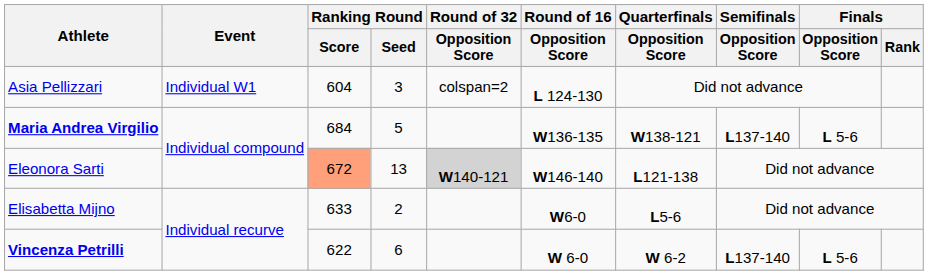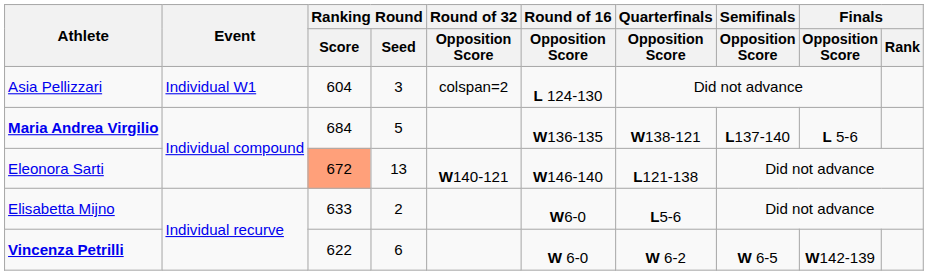 <table class="wikitable" style="text-align: center; font-size:90%">
 <tr>
 <th rowspan="2">Athlete</th>
 <th rowspan="2">Event</th>
 <th colspan="2">Ranking Round</th>
 <th>Round of 32</th>
 <th>Round of 16</th>
 <th>Quarterfinals</th>
 <th>Semifinals</th>
 <th colspan="2">Finals</th>
 </tr>
 <tr style="font-size:95%">
 <th>Score</th>
 <th>Seed</th>
 <th>Opposition<br>Score</th>
 <th>Opposition<br>Score</th>
 <th>Opposition<br>Score</th>
 <th>Opposition<br>Score</th>
 <th>Opposition<br>Score</th>
 <th>Rank</th>
 </tr>
 <tr>
 <td align=left><a href='#'>Asia Pellizzari</a></td>
 <td align=left><a href='#'>Individual W1</a></td>
 <td>604</td>
 <td>3</td>
 <td>colspan=2 </td>
 <td><br><strong>L</strong> 124-130</td>
 <td colspan=3>Did not advance</td>
 </tr>
 <tr align=center>
 <td align=left><strong><a href='#'>Maria Andrea Virgilio</a></strong></td>
 <td align=left rowspan=2><a href='#'>Individual compound</a></td>
 <td>684</td>
 <td>5</td>
 <td></td>
 <td><br><strong>W</strong>136-135</td>
 <td><br><strong>W</strong>138-121</td>
 <td><br><strong>L</strong>137-140</td>
 <td><br><strong>L</strong> 5-6</td>
 <td></td>
 </tr>
 <tr align=center>
 <td align=left><a href='#'>Eleonora Sarti</a></td>
 <td style="background: lightsalmon;">672</td>
 <td>13</td>
-<td style="background: lightgrey;"><br><strong>W</strong>140-121</td>
+<td><br><strong>W</strong>140-121</td>
 <td><br><strong>W</strong>146-140</td>
 <td><br><strong>L</strong>121-138</td>
 <td colspan=3>Did not advance</td>
 </tr>
 <tr>
 <td align=left><a href='#'>Elisabetta Mijno</a></td>
 <td align=left rowspan=2><a href='#'>Individual recurve</a></td>
 <td>633</td>
 <td>2</td>
 <td></td>
 <td><br><strong>W</strong>6-0</td>
 <td><br><strong>L</strong>5-6</td>
 <td colspan=3>Did not advance</td>
 </tr>
 <tr align=center>
 <td align=left><strong><a href='#'>Vincenza Petrilli</a></strong></td>
 <td>622</td>
 <td>6</td>
 <td></td>
 <td><br><strong>W</strong> 6-0</td>
 <td><br><strong>W</strong> 6-2</td>
-<td><br><strong>L</strong>137-140</td>
-<td><br><strong>L</strong> 5-6</td>
+<td><br><strong>W</strong> 6-5</td>
+<td><br><strong>W</strong>142-139</td>
 <td></td>
 </tr>
 </table>
